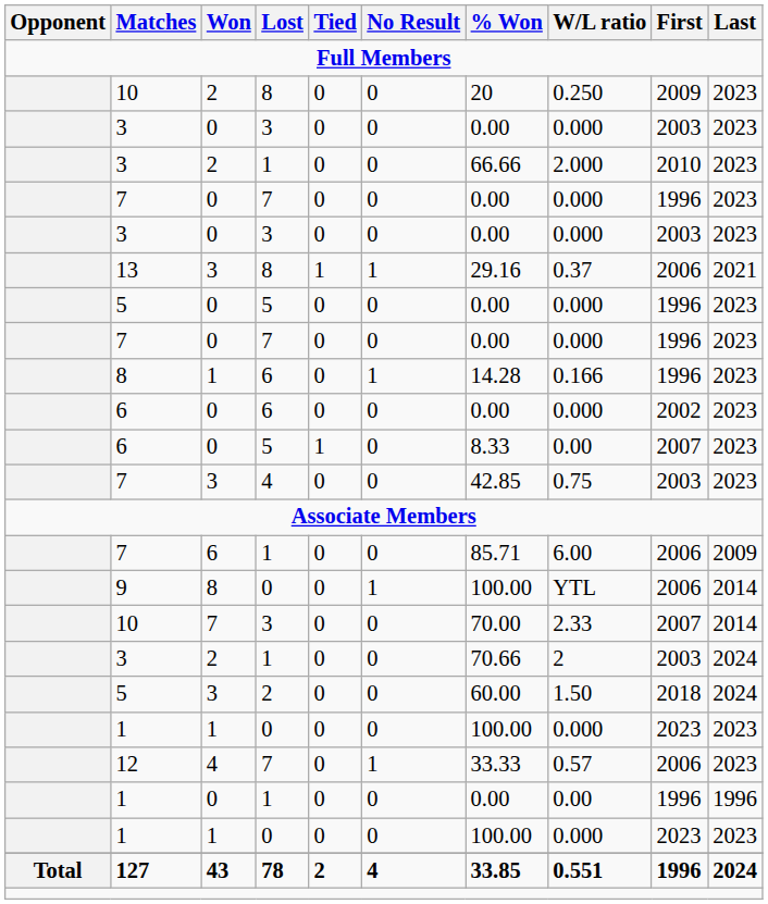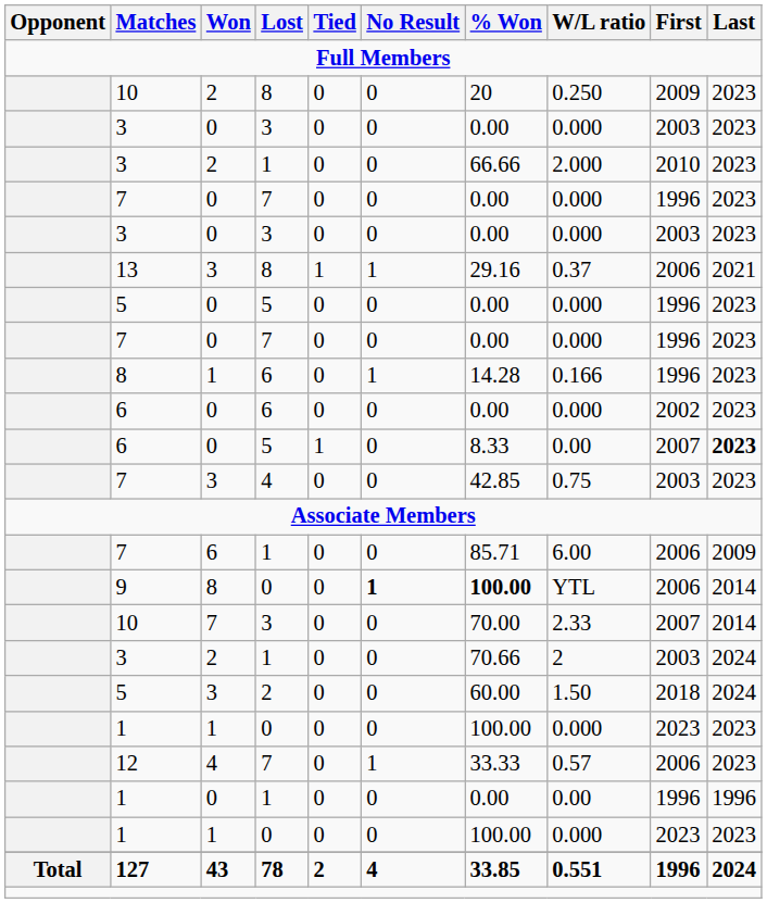 <table class="wikitable plainrowheaders sortable">
 <tr>
 <th scope="col">Opponent</th>
 <th scope="col"><a href='#'>Matches</a></th>
 <th scope="col"><a href='#'>Won</a></th>
 <th scope="col"><a href='#'>Lost</a></th>
 <th scope="col"><a href='#'>Tied</a></th>
 <th scope="col"><a href='#'>No Result</a></th>
 <th scope="col"><a href='#'>% Won</a></th>
 <th scope="col">W/L ratio</th>
 <th scope="col">First</th>
 <th scope="col">Last</th>
 </tr>
 <tr>
 <td colspan="10" style="text-align: center;"><strong><a href='#'>Full Members</a></strong></td>
 </tr>
 <tr>
 <th scope="row"></th>
 <td>10</td>
 <td>2</td>
 <td>8</td>
 <td>0</td>
 <td>0</td>
 <td>20</td>
 <td>0.250</td>
 <td>2009</td>
 <td>2023</td>
 </tr>
 <tr>
 <th scope="row"></th>
 <td>3</td>
 <td>0</td>
 <td>3</td>
 <td>0</td>
 <td>0</td>
 <td>0.00</td>
 <td>0.000</td>
 <td>2003</td>
 <td>2023</td>
 </tr>
 <tr>
 <th scope="row"></th>
 <td>3</td>
 <td>2</td>
 <td>1</td>
 <td>0</td>
 <td>0</td>
 <td>66.66</td>
 <td>2.000</td>
 <td>2010</td>
 <td>2023</td>
 </tr>
 <tr>
 <th scope="row"></th>
 <td>7</td>
 <td>0</td>
 <td>7</td>
 <td>0</td>
 <td>0</td>
 <td>0.00</td>
 <td>0.000</td>
 <td>1996</td>
 <td>2023</td>
 </tr>
 <tr>
 <th scope="row"></th>
 <td>3</td>
 <td>0</td>
 <td>3</td>
 <td>0</td>
 <td>0</td>
 <td>0.00</td>
 <td>0.000</td>
 <td>2003</td>
 <td>2023</td>
 </tr>
 <tr>
 <th scope="row"></th>
 <td>13</td>
 <td>3</td>
 <td>8</td>
 <td>1</td>
 <td>1</td>
 <td>29.16</td>
 <td>0.37</td>
 <td>2006</td>
 <td>2021</td>
 </tr>
 <tr>
 <th scope="row"></th>
 <td>5</td>
 <td>0</td>
 <td>5</td>
 <td>0</td>
 <td>0</td>
 <td>0.00</td>
 <td>0.000</td>
 <td>1996</td>
 <td>2023</td>
 </tr>
 <tr>
 <th scope="row"></th>
 <td>7</td>
 <td>0</td>
 <td>7</td>
 <td>0</td>
 <td>0</td>
 <td>0.00</td>
 <td>0.000</td>
 <td>1996</td>
 <td>2023</td>
 </tr>
 <tr>
 <th scope="row"></th>
 <td>8</td>
 <td>1</td>
 <td>6</td>
 <td>0</td>
 <td>1</td>
 <td>14.28</td>
 <td>0.166</td>
 <td>1996</td>
 <td>2023</td>
 </tr>
 <tr>
 <th scope="row"></th>
 <td>6</td>
 <td>0</td>
 <td>6</td>
 <td>0</td>
 <td>0</td>
 <td>0.00</td>
 <td>0.000</td>
 <td>2002</td>
 <td>2023</td>
 </tr>
 <tr>
 <th scope="row"></th>
 <td>6</td>
 <td>0</td>
 <td>5</td>
 <td>1</td>
 <td>0</td>
 <td>8.33</td>
 <td>0.00</td>
 <td>2007</td>
-<td>2023</td>
+<td><strong>2023</strong></td>
 </tr>
 <tr>
 <th scope="row"></th>
 <td>7</td>
 <td>3</td>
 <td>4</td>
 <td>0</td>
 <td>0</td>
 <td>42.85</td>
 <td>0.75</td>
 <td>2003</td>
 <td>2023</td>
 </tr>
 <tr>
 <td colspan="10" style="text-align: center;"><strong><a href='#'>Associate Members</a></strong></td>
 </tr>
 <tr>
 <th scope="row"></th>
 <td>7</td>
 <td>6</td>
 <td>1</td>
 <td>0</td>
 <td>0</td>
 <td>85.71</td>
 <td>6.00</td>
 <td>2006</td>
 <td>2009</td>
 </tr>
 <tr>
 <th scope="row"></th>
 <td>9</td>
 <td>8</td>
 <td>0</td>
 <td>0</td>
-<td>1</td>
-<td>100.00</td>
+<td><strong>1</strong></td>
+<td><strong>100.00</strong></td>
 <td>YTL</td>
 <td>2006</td>
 <td>2014</td>
 </tr>
 <tr>
 <th scope="row"></th>
 <td>10</td>
 <td>7</td>
 <td>3</td>
 <td>0</td>
 <td>0</td>
 <td>70.00</td>
 <td>2.33</td>
 <td>2007</td>
 <td>2014</td>
 </tr>
 <tr>
 <th scope="row"></th>
 <td>3</td>
 <td>2</td>
 <td>1</td>
 <td>0</td>
 <td>0</td>
 <td>70.66</td>
 <td>2</td>
 <td>2003</td>
 <td>2024</td>
 </tr>
 <tr>
 <th scope="row"></th>
 <td>5</td>
 <td>3</td>
 <td>2</td>
 <td>0</td>
 <td>0</td>
 <td>60.00</td>
 <td>1.50</td>
 <td>2018</td>
 <td>2024</td>
 </tr>
 <tr>
 <th scope="row"></th>
 <td>1</td>
 <td>1</td>
 <td>0</td>
 <td>0</td>
 <td>0</td>
 <td>100.00</td>
 <td>0.000</td>
 <td>2023</td>
 <td>2023</td>
 </tr>
 <tr>
 <th scope="row"></th>
 <td>12</td>
 <td>4</td>
 <td>7</td>
 <td>0</td>
 <td>1</td>
 <td>33.33</td>
 <td>0.57</td>
 <td>2006</td>
 <td>2023</td>
 </tr>
 <tr>
 <th scope="row"></th>
 <td>1</td>
 <td>0</td>
 <td>1</td>
 <td>0</td>
 <td>0</td>
 <td>0.00</td>
 <td>0.00</td>
 <td>1996</td>
 <td>1996</td>
 </tr>
 <tr>
 <th scope="row"></th>
 <td>1</td>
 <td>1</td>
 <td>0</td>
 <td>0</td>
 <td>0</td>
 <td>100.00</td>
 <td>0.000</td>
 <td>2023</td>
 <td>2023</td>
 </tr>
 <tr>
 </tr>
 <tr class="sortbottom">
 <th scope="row" style="text-align:center"><strong>Total</strong></th>
 <td><strong>127</strong></td>
 <td><strong>43</strong></td>
 <td><strong>78</strong></td>
 <td><strong>2</strong></td>
 <td><strong>4</strong></td>
 <td><strong>33.85</strong></td>
 <td><strong>0.551</strong></td>
 <td><strong>1996</strong></td>
 <td><strong>2024</strong></td>
 </tr>
 <tr>
 <td colspan="10"></td>
 </tr>
 </table>
